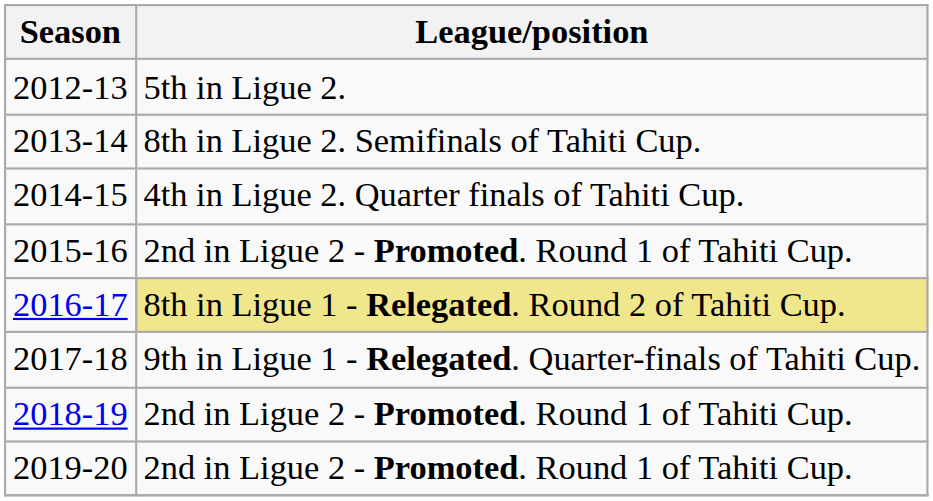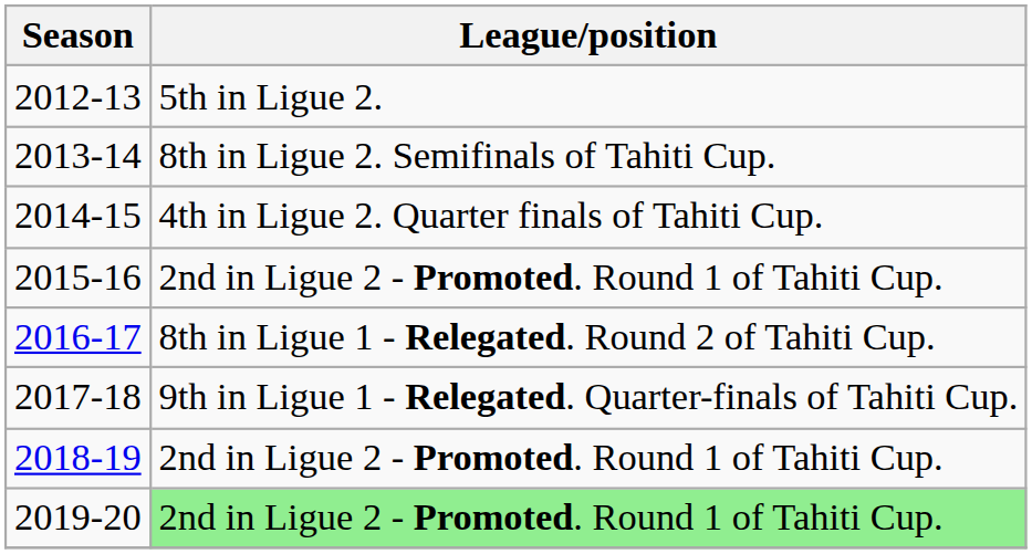 <table class="wikitable sortable">
 <tr>
 <th>Season</th>
 <th>League/position</th>
 </tr>
 <tr>
 <td>2012-13</td>
 <td>5th in Ligue 2.</td>
 </tr>
 <tr>
 <td>2013-14</td>
 <td>8th in Ligue 2. Semifinals of Tahiti Cup.</td>
 </tr>
 <tr>
 <td>2014-15</td>
 <td>4th in Ligue 2. Quarter finals of Tahiti Cup.</td>
 </tr>
 <tr>
 <td>2015-16</td>
 <td>2nd in Ligue 2 - <strong>Promoted</strong>. Round 1 of Tahiti Cup.</td>
 </tr>
 <tr>
 <td><a href='#'>2016-17</a></td>
-<td style="background: khaki;">8th in Ligue 1 - <strong>Relegated</strong>. Round 2 of Tahiti Cup.</td>
+<td>8th in Ligue 1 - <strong>Relegated</strong>. Round 2 of Tahiti Cup.</td>
 </tr>
 <tr>
 <td>2017-18</td>
 <td>9th in Ligue 1 - <strong>Relegated</strong>. Quarter-finals of Tahiti Cup.</td>
 </tr>
 <tr>
 <td><a href='#'>2018-19</a></td>
 <td>2nd in Ligue 2 - <strong>Promoted</strong>. Round 1 of Tahiti Cup.</td>
 </tr>
 <tr>
 <td>2019-20</td>
-<td>2nd in Ligue 2 - <strong>Promoted</strong>. Round 1 of Tahiti Cup.</td>
+<td style="background: lightgreen;">2nd in Ligue 2 - <strong>Promoted</strong>. Round 1 of Tahiti Cup.</td>
 </tr>
 <tr>
 </tr>
 </table>
